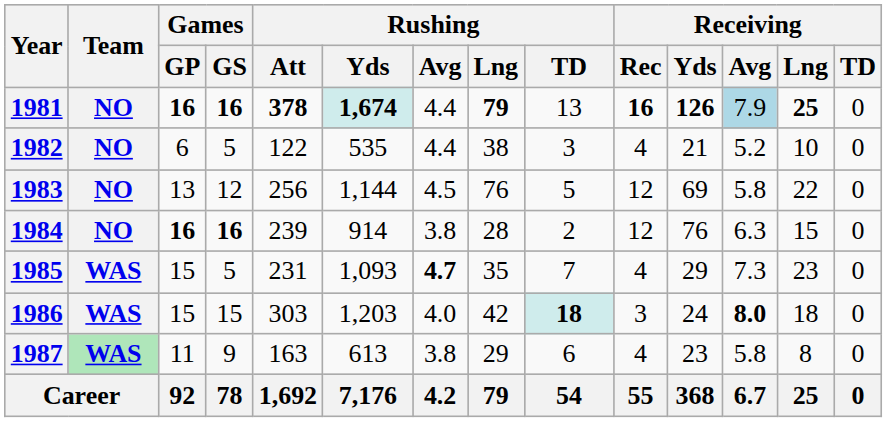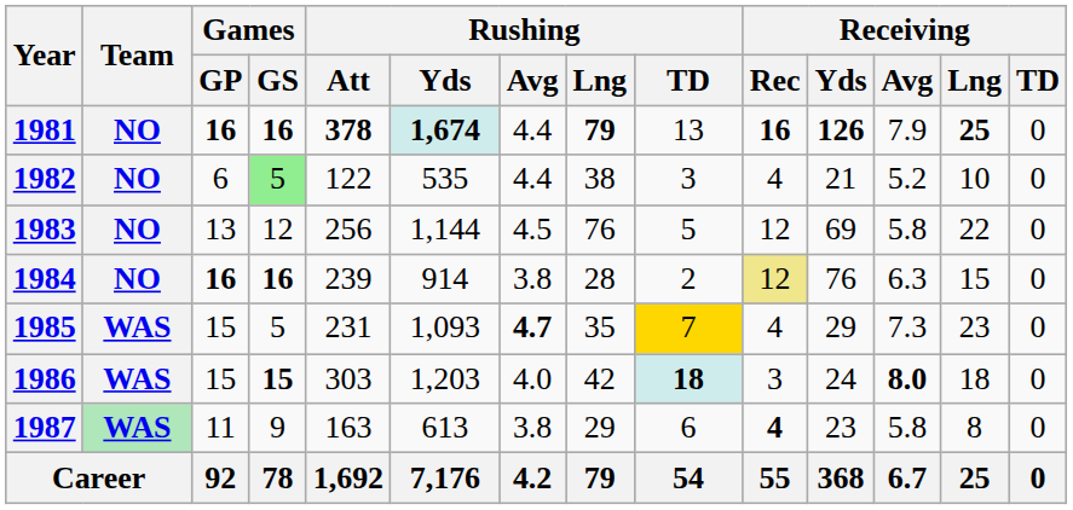 <table class=wikitable style="text-align:center">
 <tr>
 <th rowspan="2">Year</th>
 <th rowspan="2">Team</th>
 <th colspan="2">Games</th>
 <th colspan="5">Rushing</th>
 <th colspan="5">Receiving</th>
 </tr>
 <tr>
 <th>GP</th>
 <th>GS</th>
 <th>Att</th>
 <th>Yds</th>
 <th>Avg</th>
 <th>Lng</th>
 <th>TD</th>
 <th>Rec</th>
 <th>Yds</th>
 <th>Avg</th>
 <th>Lng</th>
 <th>TD</th>
 </tr>
 <tr>
 <th><a href='#'>1981</a></th>
 <th><a href='#'>NO</a></th>
 <td><strong>16</strong></td>
 <td><strong>16</strong></td>
 <td><strong>378</strong></td>
 <td style="background:#cfecec; width:3em;"><strong>1,674</strong></td>
 <td>4.4</td>
 <td><strong>79</strong></td>
 <td>13</td>
 <td><strong>16</strong></td>
 <td><strong>126</strong></td>
-<td style="background: lightblue;">7.9</td>
+<td>7.9</td>
 <td><strong>25</strong></td>
 <td>0</td>
 </tr>
 <tr>
 <th><a href='#'>1982</a></th>
 <th><a href='#'>NO</a></th>
 <td>6</td>
-<td>5</td>
+<td style="background: lightgreen;">5</td>
 <td>122</td>
 <td>535</td>
 <td>4.4</td>
 <td>38</td>
 <td>3</td>
 <td>4</td>
 <td>21</td>
 <td>5.2</td>
 <td>10</td>
 <td>0</td>
 </tr>
 <tr>
 <th><a href='#'>1983</a></th>
 <th><a href='#'>NO</a></th>
 <td>13</td>
 <td>12</td>
 <td>256</td>
 <td>1,144</td>
 <td>4.5</td>
 <td>76</td>
 <td>5</td>
 <td>12</td>
 <td>69</td>
 <td>5.8</td>
 <td>22</td>
 <td>0</td>
 </tr>
 <tr>
 <th><a href='#'>1984</a></th>
 <th><a href='#'>NO</a></th>
 <td><strong>16</strong></td>
 <td><strong>16</strong></td>
 <td>239</td>
 <td>914</td>
 <td>3.8</td>
 <td>28</td>
 <td>2</td>
-<td>12</td>
+<td style="background: khaki;">12</td>
 <td>76</td>
 <td>6.3</td>
 <td>15</td>
 <td>0</td>
 </tr>
 <tr>
 <th><a href='#'>1985</a></th>
 <th><a href='#'>WAS</a></th>
 <td>15</td>
 <td>5</td>
 <td>231</td>
 <td>1,093</td>
 <td><strong>4.7</strong></td>
 <td>35</td>
-<td>7</td>
+<td style="background: gold;">7</td>
 <td>4</td>
 <td>29</td>
 <td>7.3</td>
 <td>23</td>
 <td>0</td>
 </tr>
 <tr>
 <th><a href='#'>1986</a></th>
 <th><a href='#'>WAS</a></th>
 <td>15</td>
-<td>15</td>
+<td><strong>15</strong></td>
 <td>303</td>
 <td>1,203</td>
 <td>4.0</td>
 <td>42</td>
 <td style="background:#cfecec; width:3em;"><strong>18</strong></td>
 <td>3</td>
 <td>24</td>
 <td><strong>8.0</strong></td>
 <td>18</td>
 <td>0</td>
 </tr>
 <tr>
 <th><a href='#'>1987</a></th>
 <th style="background:#afe6ba; width:3em;"><a href='#'>WAS</a></th>
 <td>11</td>
 <td>9</td>
 <td>163</td>
 <td>613</td>
 <td>3.8</td>
 <td>29</td>
 <td>6</td>
-<td>4</td>
+<td><strong>4</strong></td>
 <td>23</td>
 <td>5.8</td>
 <td>8</td>
 <td>0</td>
 </tr>
 <tr>
 <th colspan="2">Career</th>
 <th>92</th>
 <th>78</th>
 <th>1,692</th>
 <th>7,176</th>
 <th>4.2</th>
 <th>79</th>
 <th>54</th>
 <th>55</th>
 <th>368</th>
 <th>6.7</th>
 <th>25</th>
 <th>0</th>
 </tr>
 </table>
